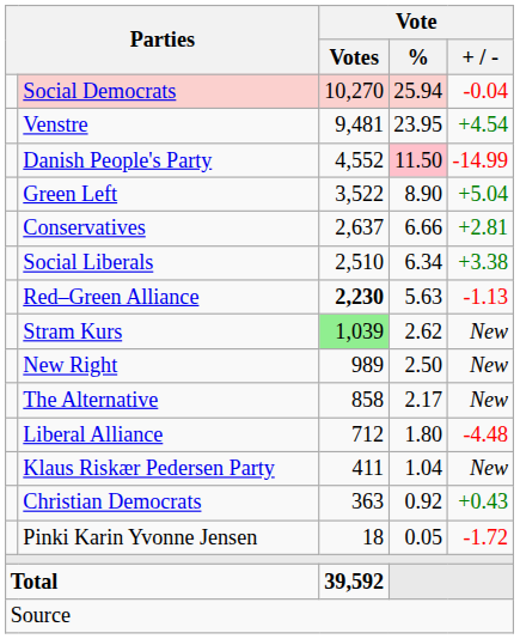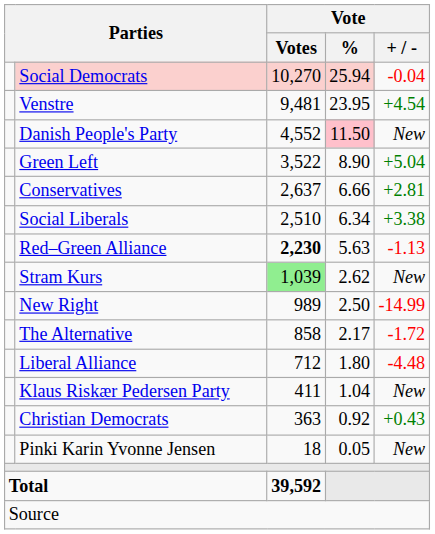 <table class="wikitable" style="text-align:right;">
 <tr>
 <th style="text-align:centre;" rowspan="2" colspan="2" width="225">Parties</th>
 <th colspan="3">Vote</th>
 </tr>
 <tr>
 <th width="15">Votes</th>
 <th width="15">%</th>
 <th width="15">+ / -</th>
 </tr>
 <tr>
 <td width="2" style="color:inherit;background:"></td>
 <td bgcolor=#fbd0ce  align="left"><a href='#'>Social Democrats</a></td>
 <td bgcolor=#fbd0ce>10,270</td>
 <td bgcolor=#fbd0ce>25.94</td>
 <td style=color:red;>-0.04</td>
 </tr>
 <tr>
 <td width="2" style="color:inherit;background:"></td>
 <td align="left"><a href='#'>Venstre</a></td>
 <td>9,481</td>
 <td>23.95</td>
 <td style=color:green;>+4.54</td>
 </tr>
 <tr>
 <td width="2" style="color:inherit;background:"></td>
 <td align="left"><a href='#'>Danish People's Party</a></td>
 <td>4,552</td>
 <td style="background: pink;">11.50</td>
-<td style=color:red;>-14.99</td>
+<td><em>New</em></td>
 </tr>
 <tr>
 <td width="2" style="color:inherit;background:"></td>
 <td align="left"><a href='#'>Green Left</a></td>
 <td>3,522</td>
 <td>8.90</td>
 <td style=color:green;>+5.04</td>
 </tr>
 <tr>
 <td width="2" style="color:inherit;background:"></td>
 <td align="left"><a href='#'>Conservatives</a></td>
 <td>2,637</td>
 <td>6.66</td>
 <td style=color:green;>+2.81</td>
 </tr>
 <tr>
 <td width="2" style="color:inherit;background:"></td>
 <td align="left"><a href='#'>Social Liberals</a></td>
 <td>2,510</td>
 <td>6.34</td>
 <td style=color:green;>+3.38</td>
 </tr>
 <tr>
 <td width="2" style="color:inherit;background:"></td>
 <td align="left"><a href='#'>Red–Green Alliance</a></td>
 <td><strong>2,230</strong></td>
 <td>5.63</td>
 <td style=color:red;>-1.13</td>
 </tr>
 <tr>
 <td width="2" style="color:inherit;background:"></td>
 <td align="left"><a href='#'>Stram Kurs</a></td>
 <td style="background: lightgreen;">1,039</td>
 <td>2.62</td>
 <td><em>New</em></td>
 </tr>
 <tr>
 <td width="2" style="color:inherit;background:"></td>
 <td align="left"><a href='#'>New Right</a></td>
 <td>989</td>
 <td>2.50</td>
-<td><em>New</em></td>
+<td style=color:red;>-14.99</td>
 </tr>
 <tr>
 <td width="2" style="color:inherit;background:"></td>
 <td align="left"><a href='#'>The Alternative</a></td>
 <td>858</td>
 <td>2.17</td>
-<td><em>New</em></td>
+<td style=color:red;>-1.72</td>
 </tr>
 <tr>
 <td width="2" style="color:inherit;background:"></td>
 <td align="left"><a href='#'>Liberal Alliance</a></td>
 <td>712</td>
 <td>1.80</td>
 <td style=color:red;>-4.48</td>
 </tr>
 <tr>
 <td width="2" style="color:inherit;background:"></td>
 <td align="left"><a href='#'>Klaus Riskær Pedersen Party</a></td>
 <td>411</td>
 <td>1.04</td>
 <td><em>New</em></td>
 </tr>
 <tr>
 <td width="2" style="color:inherit;background:"></td>
 <td align="left"><a href='#'>Christian Democrats</a></td>
 <td>363</td>
 <td>0.92</td>
 <td style=color:green;>+0.43</td>
 </tr>
 <tr>
 <td width="2" style="color:inherit;background:"></td>
 <td align="left">Pinki Karin Yvonne Jensen</td>
 <td>18</td>
 <td>0.05</td>
-<td style=color:red;>-1.72</td>
+<td><em>New</em></td>
 </tr>
 <tr>
 <td colspan="7" bgcolor="#E9E9E9"></td>
 </tr>
 <tr>
 <td align="left" colspan="2"><strong>Total</strong></td>
 <td><strong>39,592</strong></td>
 <td bgcolor="#E9E9E9" colspan="2"></td>
 </tr>
 <tr>
 <td align="left" colspan="6">Source</td>
 </tr>
 </table>
